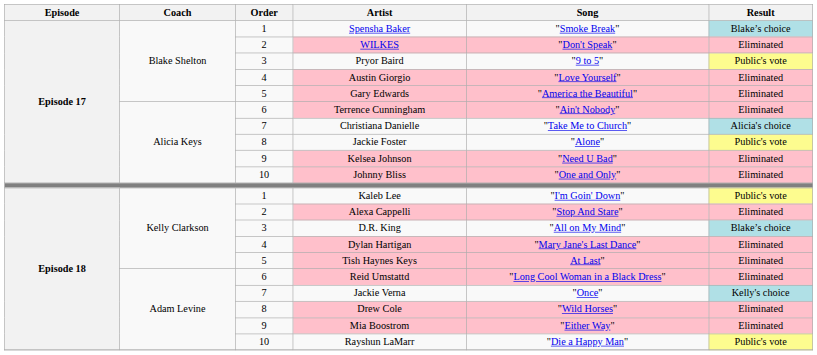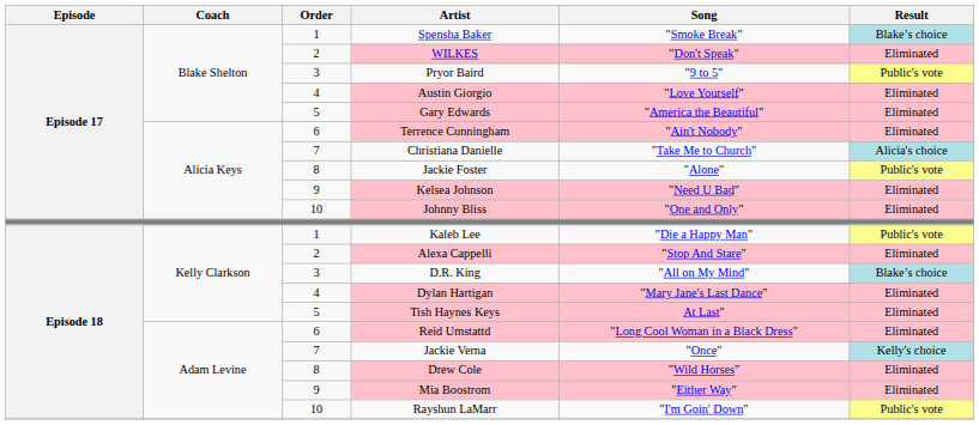 <table class="wikitable" style="text-align:center; width:100%;">
 <tr>
 <th style="width:10%;">Episode</th>
 <th style="width:10%;">Coach</th>
 <th style="width:05%;">Order</th>
 <th style="width:15%;">Artist</th>
 <th style="width:21%;">Song</th>
 <th style="width:9%;">Result</th>
 </tr>
 <tr>
 <th rowspan="10" scope="row">Episode 17<br><small></small></th>
 <td rowspan="5">Blake Shelton</td>
 <td>1</td>
 <td><a href='#'>Spensha Baker</a></td>
 <td>"<a href='#'>Smoke Break</a>"</td>
 <td style="background:#B0E0E6;">Blake’s choice</td>
 </tr>
 <tr>
 <td>2</td>
 <td style="background:pink;"><a href='#'>WILKES</a></td>
 <td style="background:pink;">"<a href='#'>Don't Speak</a>"</td>
 <td style="background:pink;">Eliminated</td>
 </tr>
 <tr>
 <td>3</td>
 <td>Pryor Baird</td>
 <td>"<a href='#'>9 to 5</a>"</td>
 <td style="background:#fdfc8f;">Public's vote</td>
 </tr>
 <tr>
 <td>4</td>
 <td style="background:pink;">Austin Giorgio</td>
 <td style="background:pink;">"<a href='#'>Love Yourself</a>"</td>
 <td style="background:pink;">Eliminated</td>
 </tr>
 <tr>
 <td>5</td>
 <td style="background:pink;">Gary Edwards</td>
 <td style="background:pink;">"<a href='#'>America the Beautiful</a>"</td>
 <td style="background:pink;">Eliminated</td>
 </tr>
 <tr>
 <td rowspan="5">Alicia Keys</td>
 <td>6</td>
 <td style="background:pink;">Terrence Cunningham</td>
 <td style="background:pink;">"<a href='#'>Ain't Nobody</a>"</td>
 <td style="background:pink;">Eliminated</td>
 </tr>
 <tr>
 <td>7</td>
 <td>Christiana Danielle</td>
 <td>"<a href='#'>Take Me to Church</a>"</td>
 <td style="background:#b0e0e6;">Alicia's choice</td>
 </tr>
 <tr>
 <td>8</td>
 <td>Jackie Foster</td>
 <td>"<a href='#'>Alone</a>"</td>
 <td style="background:#fdfc8f;">Public's vote</td>
 </tr>
 <tr>
 <td>9</td>
 <td style="background:pink;">Kelsea Johnson</td>
 <td style="background:pink;">"<a href='#'>Need U Bad</a>"</td>
 <td style="background:pink;">Eliminated</td>
 </tr>
 <tr>
 <td>10</td>
 <td style="background:pink;">Johnny Bliss</td>
 <td style="background:pink;">"<a href='#'>One and Only</a>"</td>
 <td style="background:pink;">Eliminated</td>
 </tr>
 <tr>
 <td colspan="6" style="background:gray;"></td>
 </tr>
 <tr>
 <th rowspan="10" scope="row">Episode 18<br><small></small></th>
 <td rowspan="5">Kelly Clarkson</td>
 <td>1</td>
 <td>Kaleb Lee</td>
-<td>"<a href='#'>I'm Goin' Down</a>"</td>
+<td>"<a href='#'>Die a Happy Man</a>"</td>
 <td style="background:#fdfc8f;">Public's vote</td>
 </tr>
 <tr>
 <td>2</td>
 <td style="background:pink;">Alexa Cappelli</td>
 <td style="background:pink;">"<a href='#'>Stop And Stare</a>"</td>
 <td style="background:pink;">Eliminated</td>
 </tr>
 <tr>
 <td>3</td>
 <td>D.R. King</td>
 <td>"<a href='#'>All on My Mind</a>"</td>
 <td style="background:#B0E0E6;">Blake’s choice</td>
 </tr>
 <tr>
 <td>4</td>
 <td style="background:pink;">Dylan Hartigan</td>
 <td style="background:pink;">"<a href='#'>Mary Jane's Last Dance</a>"</td>
 <td style="background:pink;">Eliminated</td>
 </tr>
 <tr>
 <td>5</td>
 <td style="background:pink;">Tish Haynes Keys</td>
 <td style="background:pink;"><a href='#'>At Last</a>"</td>
 <td style="background:pink;">Eliminated</td>
 </tr>
 <tr>
 <td rowspan="5">Adam Levine</td>
 <td>6</td>
 <td style="background:pink;">Reid Umstattd</td>
 <td style="background:pink;">"<a href='#'>Long Cool Woman in a Black Dress</a>"</td>
 <td style="background:pink;">Eliminated</td>
 </tr>
 <tr>
 <td>7</td>
 <td>Jackie Verna</td>
 <td>"<a href='#'>Once</a>"</td>
 <td style="background:#b0e0e6;">Kelly's choice</td>
 </tr>
 <tr>
 <td>8</td>
 <td style="background:pink;">Drew Cole</td>
 <td style="background:pink;">"<a href='#'>Wild Horses</a>"</td>
 <td style="background:pink;">Eliminated</td>
 </tr>
 <tr>
 <td>9</td>
 <td style="background:pink;">Mia Boostrom</td>
 <td style="background:pink;">"<a href='#'>Either Way</a>"</td>
 <td style="background:pink;">Eliminated</td>
 </tr>
 <tr>
 <td>10</td>
 <td>Rayshun LaMarr</td>
-<td>"<a href='#'>Die a Happy Man</a>"</td>
+<td>"<a href='#'>I'm Goin' Down</a>"</td>
 <td style="background:#fdfc8f;">Public's vote</td>
 </tr>
 <tr>
 </tr>
 </table>
